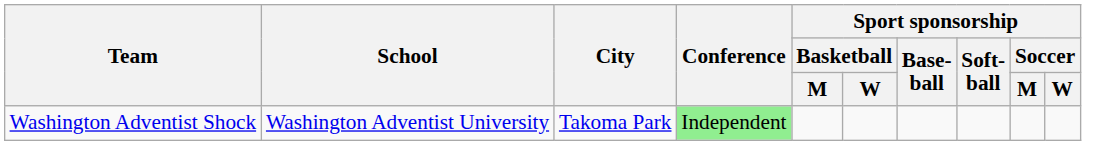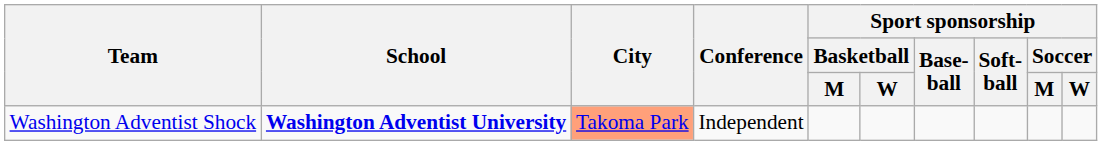 <table class="sortable wikitable">
 <tr>
 <th rowspan=3>Team</th>
 <th rowspan=3>School</th>
 <th rowspan=3>City</th>
 <th rowspan=3>Conference</th>
 <th colspan=6>Sport sponsorship</th>
 </tr>
 <tr>
 <th colspan=2>Basketball</th>
 <th rowspan=2>Base-<br>ball</th>
 <th rowspan=2>Soft-<br>ball</th>
 <th colspan=2>Soccer</th>
 </tr>
 <tr>
 <th>M</th>
 <th>W</th>
 <th>M</th>
 <th>W</th>
 </tr>
 <tr>
 <td><a href='#'>Washington Adventist Shock</a></td>
-<td><a href='#'>Washington Adventist University</a></td>
-<td><a href='#'>Takoma Park</a></td>
-<td style="background: lightgreen;">Independent</td>
+<td><strong><a href='#'>Washington Adventist University</a></strong></td>
+<td style="background: lightsalmon;"><a href='#'>Takoma Park</a></td>
+<td>Independent</td>
 <td></td>
 <td></td>
 <td></td>
 <td></td>
 <td></td>
 <td></td>
 </tr>
 </table>
